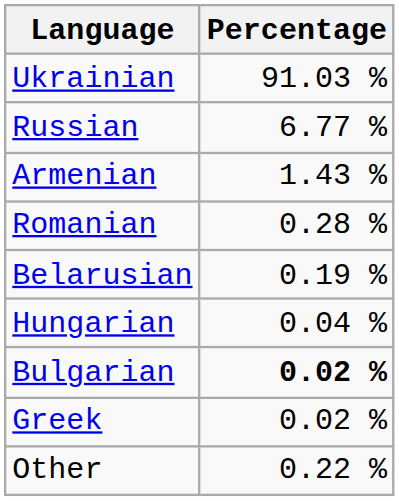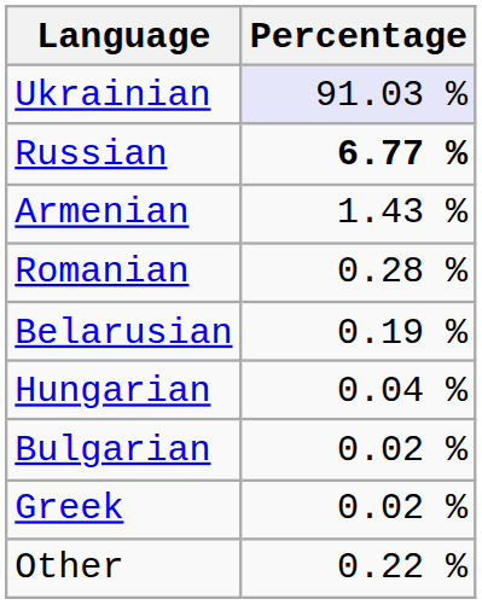 <table class="wikitable">
 <tr>
 <th>Language</th>
 <th>Percentage</th>
 </tr>
 <tr>
 <td><a href='#'>Ukrainian</a></td>
-<td align="right">91.03 %</td>
+<td align="right" style="background: lavender;">91.03 %</td>
 </tr>
 <tr>
 <td><a href='#'>Russian</a></td>
-<td align="right">6.77 %</td>
+<td align="right"><strong>6.77 %</strong></td>
 </tr>
 <tr>
 <td><a href='#'>Armenian</a></td>
 <td align="right">1.43 %</td>
 </tr>
 <tr>
 <td><a href='#'>Romanian</a></td>
 <td align="right">0.28 %</td>
 </tr>
 <tr>
 <td><a href='#'>Belarusian</a></td>
 <td align="right">0.19 %</td>
 </tr>
 <tr>
 <td><a href='#'>Hungarian</a></td>
 <td align="right">0.04 %</td>
 </tr>
 <tr>
 <td><a href='#'>Bulgarian</a></td>
-<td align="right"><strong>0.02 %</strong></td>
+<td align="right">0.02 %</td>
 </tr>
 <tr>
 <td><a href='#'>Greek</a></td>
 <td align="right">0.02 %</td>
 </tr>
 <tr>
 <td>Other</td>
 <td align="right">0.22 %</td>
 </tr>
 </table>
